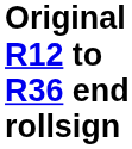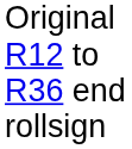 <table width="80">
 <tr>
 <td></td>
 </tr>
 <tr>
-<td><strong><div> Original <a href='#'>R12</a> to <a href='#'>R36</a> end rollsign</div></strong></td>
+<td><div> Original <a href='#'>R12</a> to <a href='#'>R36</a> end rollsign</div></td>
 </tr>
 </table>
